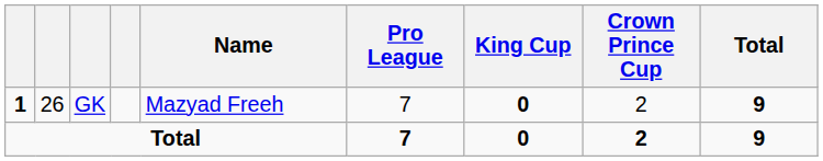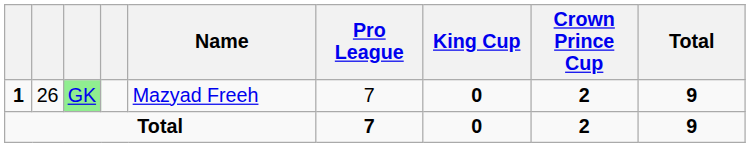 <table class="wikitable" style="text-align:center">
 <tr>
 <th width=15></th>
 <th width=15></th>
 <th width=15></th>
 <th width=15></th>
 <th width=145>Name</th>
 <th width=80><a href='#'>Pro League</a></th>
 <th width=80><a href='#'>King Cup</a></th>
 <th width=80><a href='#'>Crown Prince Cup</a></th>
 <th width=80>Total</th>
 </tr>
 <tr>
 <td><strong>1</strong></td>
 <td>26</td>
-<td><a href='#'>GK</a></td>
+<td style="background: lightgreen;"><a href='#'>GK</a></td>
 <td></td>
 <td align=left><a href='#'>Mazyad Freeh</a></td>
 <td>7</td>
 <td><strong>0</strong></td>
-<td>2</td>
+<td><strong>2</strong></td>
 <td><strong>9</strong></td>
 </tr>
 <tr>
 <td colspan=5><strong>Total</strong></td>
 <td><strong>7</strong></td>
 <td><strong>0</strong></td>
 <td><strong>2</strong></td>
 <td><strong>9</strong></td>
 </tr>
 </table>
